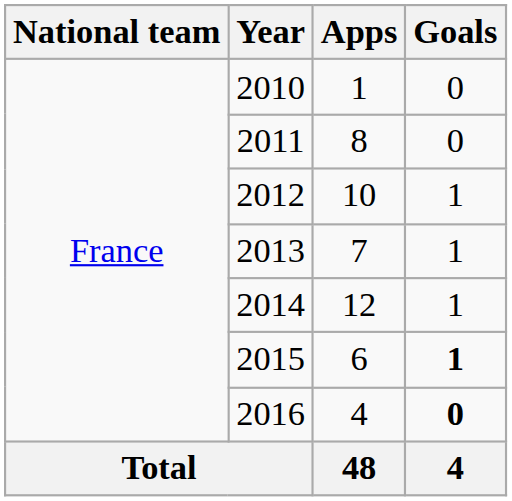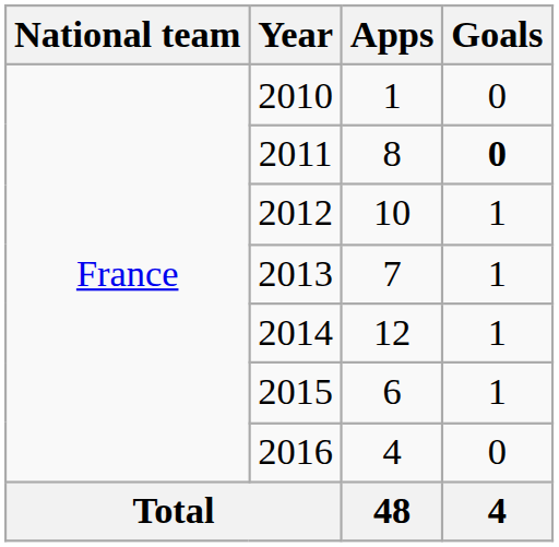 <table class="wikitable" style="text-align:center">
 <tr>
 <th>National team</th>
 <th>Year</th>
 <th>Apps</th>
 <th>Goals</th>
 </tr>
 <tr>
 <td rowspan="7"><a href='#'>France</a></td>
 <td>2010</td>
 <td>1</td>
 <td>0</td>
 </tr>
 <tr>
 <td>2011</td>
 <td>8</td>
-<td>0</td>
+<td><strong>0</strong></td>
 </tr>
 <tr>
 <td>2012</td>
 <td>10</td>
 <td>1</td>
 </tr>
 <tr>
 <td>2013</td>
 <td>7</td>
 <td>1</td>
 </tr>
 <tr>
 <td>2014</td>
 <td>12</td>
 <td>1</td>
 </tr>
 <tr>
 <td>2015</td>
 <td>6</td>
-<td><strong>1</strong></td>
+<td>1</td>
 </tr>
 <tr>
 <td>2016</td>
 <td>4</td>
-<td><strong>0</strong></td>
+<td>0</td>
 </tr>
 <tr>
 <th colspan="2">Total</th>
 <th>48</th>
 <th>4</th>
 </tr>
 </table>
